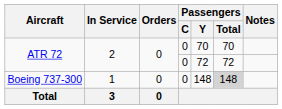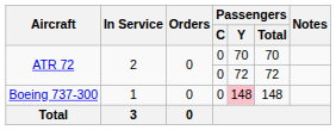 <table class="wikitable sortable mw-collapsible" style="margin:1em auto; border-collapse:collapse;text-align:center">
 <tr>
 <th rowspan="2">Aircraft</th>
 <th rowspan="2">In Service</th>
 <th rowspan="2">Orders</th>
 <th colspan="3">Passengers</th>
 <th rowspan="2">Notes</th>
 </tr>
 <tr>
 <th><abbr>C</abbr></th>
 <th><abbr>Y</abbr></th>
 <th>Total</th>
 </tr>
 <tr>
 <td rowspan="2"><a href='#'>ATR 72</a></td>
 <td rowspan="2">2</td>
 <td rowspan="2">0</td>
 <td>0</td>
 <td>70</td>
 <td>70</td>
 <td></td>
 </tr>
 <tr>
 <td>0</td>
 <td>72</td>
 <td>72</td>
 <td></td>
 </tr>
 <tr>
 <td rowspan=“3”><a href='#'>Boeing 737-300</a></td>
 <td rowspan=“3”>1</td>
 <td rowspan=“3”>0</td>
 <td>0</td>
+<td style="background: pink;">148</td>
 <td>148</td>
-<td style="background: lightgrey;">148</td>
 <td></td>
 </tr>
 <tr>
 <th>Total</th>
 <th>3</th>
 <th>0</th>
 <th colspan="4"></th>
 </tr>
 </table>
